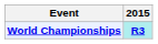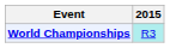 <table class="wikitable" style="font-size: 90%; text-align:center">
 <tr>
 <th>Event</th>
 <th>2015</th>
 </tr>
 <tr>
 <td bgcolor="#ECF2FF"; align="left"><strong><a href='#'>World Championships</a></strong></td>
-<td bgcolor=AFEEEE><strong><a href='#'>R3</a></strong></td>
+<td bgcolor=AFEEEE><a href='#'>R3</a></td>
 </tr>
 </table>
